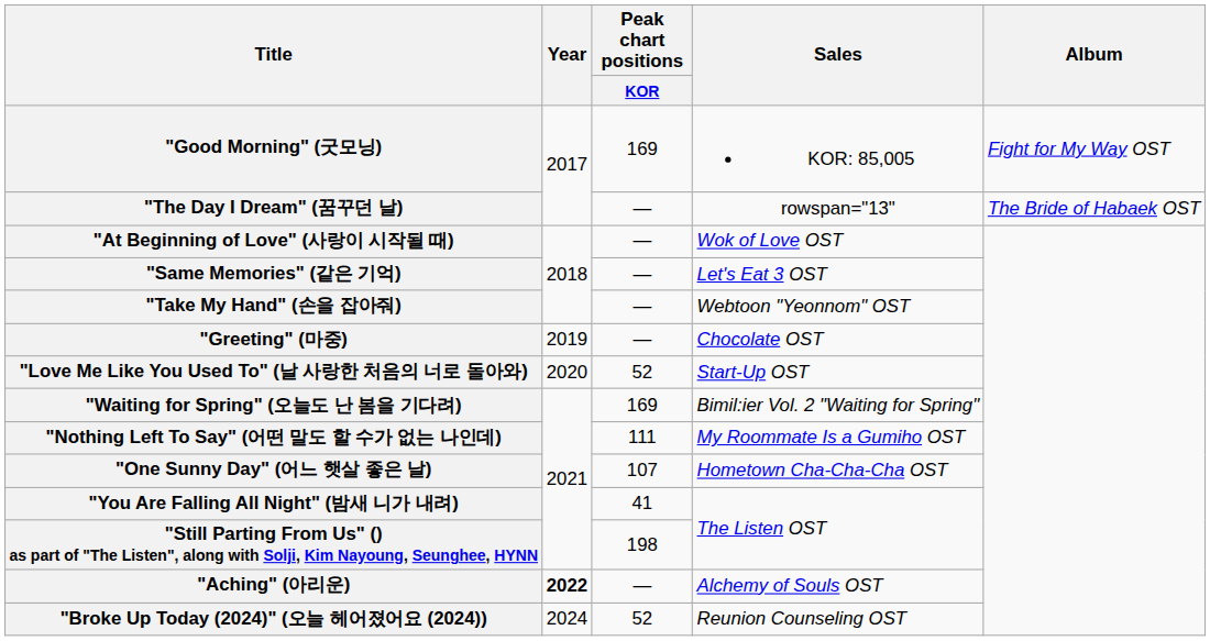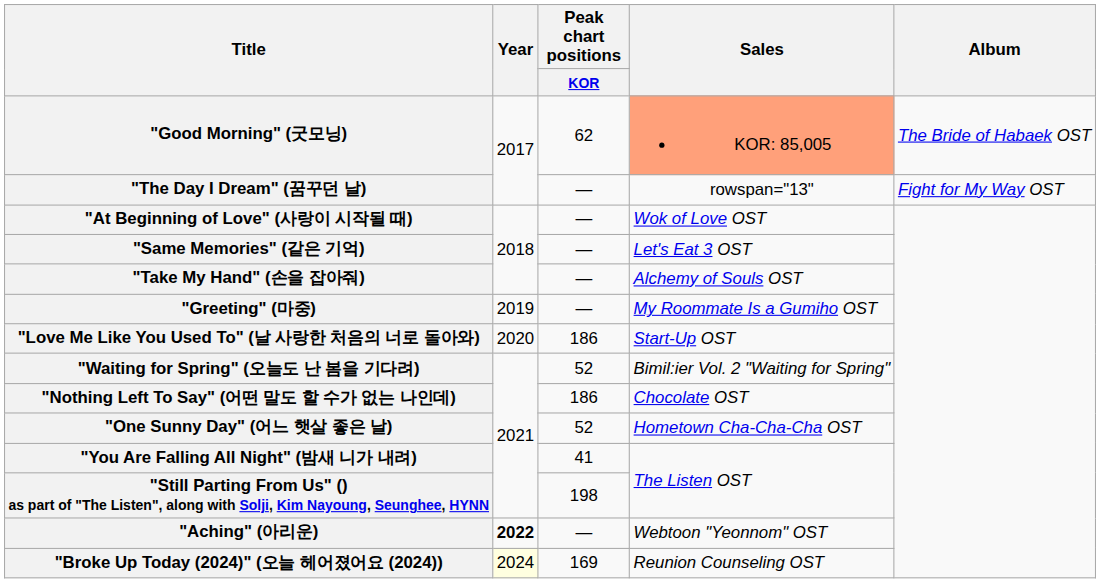 <table class="wikitable plainrowheaders" style="text-align:center;">
 <tr>
 <th scope="col" rowspan="2">Title</th>
 <th scope="col" rowspan="2">Year</th>
 <th scope="col" colspan="1" style="width:5em;">Peak chart positions</th>
 <th scope="col" rowspan="2">Sales</th>
 <th scope="col" rowspan="2">Album</th>
 </tr>
 <tr>
 <th><small><a href='#'>KOR</a></small><br></th>
 </tr>
 <tr>
 <th scope="row">"Good Morning" (굿모닝)</th>
 <td rowspan="2">2017</td>
-<td>169</td>
-<td><br><ul><li>KOR: 85,005</li></ul></td>
-<td style="text-align:left;"><em><a href='#'>Fight for My Way</a> OST</em></td>
+<td>62</td>
+<td style="background: lightsalmon;"><br><ul><li>KOR: 85,005</li></ul></td>
+<td style="text-align:left;"><em><a href='#'>The Bride of Habaek</a> OST</em></td>
 </tr>
 <tr>
 <th scope="row">"The Day I Dream" (꿈꾸던 날)</th>
 <td>—</td>
 <td>rowspan="13" </td>
-<td style="text-align:left;"><em><a href='#'>The Bride of Habaek</a> OST</em></td>
+<td style="text-align:left;"><em><a href='#'>Fight for My Way</a> OST</em></td>
 </tr>
 <tr>
 <th scope="row">"At Beginning of Love" (사랑이 시작될 때)</th>
 <td rowspan="3">2018</td>
 <td>—</td>
 <td style="text-align:left;"><em><a href='#'>Wok of Love</a> OST</em></td>
 </tr>
 <tr>
 <th scope="row">"Same Memories" (같은 기억)</th>
 <td>—</td>
 <td style="text-align:left;"><em><a href='#'>Let's Eat 3</a> OST</em></td>
 </tr>
 <tr>
 <th scope="row">"Take My Hand" (손을 잡아줘)</th>
 <td>—</td>
-<td style="text-align:left;"><em>Webtoon "Yeonnom" OST</em></td>
+<td style="text-align:left;"><em><a href='#'>Alchemy of Souls</a> OST</em></td>
 </tr>
 <tr>
 <th scope="row">"Greeting" (마중)</th>
 <td>2019</td>
 <td>—</td>
-<td style="text-align:left;"><em><a href='#'>Chocolate</a> OST</em></td>
+<td style="text-align:left;"><em><a href='#'>My Roommate Is a Gumiho</a> OST</em></td>
 </tr>
 <tr>
 <th scope="row">"Love Me Like You Used To" (날 사랑한 처음의 너로 돌아와)</th>
 <td>2020</td>
-<td>52</td>
+<td>186</td>
 <td style="text-align:left;"><em><a href='#'>Start-Up</a> OST</em></td>
 </tr>
 <tr>
 <th scope="row">"Waiting for Spring" (오늘도 난 봄을 기다려)</th>
 <td rowspan="5">2021</td>
-<td>169</td>
+<td>52</td>
 <td style="text-align:left;"><em>Bimil:ier Vol. 2 "Waiting for Spring"</em></td>
 </tr>
 <tr>
 <th scope="row">"Nothing Left To Say" (어떤 말도 할 수가 없는 나인데)</th>
-<td>111</td>
-<td style="text-align:left;"><em><a href='#'>My Roommate Is a Gumiho</a> OST</em></td>
+<td>186</td>
+<td style="text-align:left;"><em><a href='#'>Chocolate</a> OST</em></td>
 </tr>
 <tr>
 <th scope="row">"One Sunny Day" (어느 햇살 좋은 날)</th>
-<td>107</td>
+<td>52</td>
 <td style="text-align:left;"><em><a href='#'>Hometown Cha-Cha-Cha</a> OST</em></td>
 </tr>
 <tr>
 <th scope="row">"You Are Falling All Night" (밤새 니가 내려)</th>
 <td>41</td>
 <td rowspan="2" style="text-align:left;"><em><a href='#'>The Listen</a> OST</em></td>
 </tr>
 <tr>
 <th scope="row">"Still Parting From Us" ()<br><small>as part of "The Listen", along with <a href='#'>Solji</a>, <a href='#'>Kim Nayoung</a>, <a href='#'>Seunghee</a>, <a href='#'>HYNN</a></small></th>
 <td>198</td>
 </tr>
 <tr>
 <th scope="row">"Aching" (아리운)</th>
 <td><strong>2022</strong></td>
 <td>—</td>
-<td style="text-align:left;"><em><a href='#'>Alchemy of Souls</a> OST</em></td>
+<td style="text-align:left;"><em>Webtoon "Yeonnom" OST</em></td>
 </tr>
 <tr>
 <th scope="row">"Broke Up Today (2024)" (오늘 헤어졌어요 (2024))</th>
-<td>2024</td>
-<td>52</td>
+<td style="background: lightyellow;">2024</td>
+<td>169</td>
 <td style="text-align:left;"><em>Reunion Counseling OST</em></td>
 </tr>
 </table>
